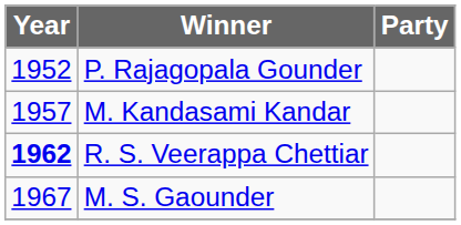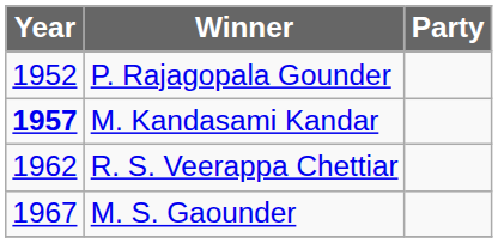 <table class="wikitable">
 <tr>
 <th style="background-color:#666666; color:white">Year</th>
 <th style="background-color:#666666; color:white">Winner</th>
 <th style="background-color:#666666; color:white" colspan="2">Party</th>
 </tr>
 <tr>
 <td><a href='#'>1952</a></td>
 <td><a href='#'>P. Rajagopala Gounder</a></td>
 <td></td>
 </tr>
 <tr>
-<td><a href='#'>1957</a></td>
+<td><strong><a href='#'>1957</a></strong></td>
 <td><a href='#'>M. Kandasami Kandar</a></td>
 <td></td>
 </tr>
 <tr>
-<td><strong><a href='#'>1962</a></strong></td>
+<td><a href='#'>1962</a></td>
 <td><a href='#'>R. S. Veerappa Chettiar</a></td>
 <td></td>
 </tr>
 <tr>
 <td><a href='#'>1967</a></td>
 <td><a href='#'>M. S. Gaounder</a></td>
 <td></td>
 </tr>
 <tr>
 </tr>
 </table>
